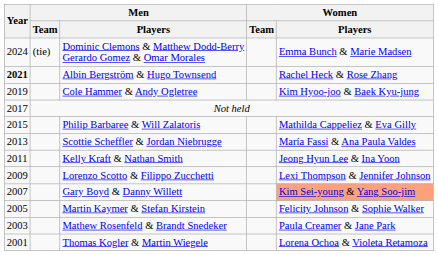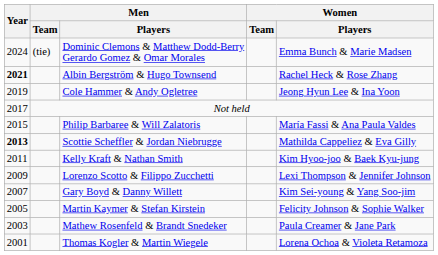 <table class="wikitable">
 <tr>
 <th rowspan=2>Year</th>
 <th colspan=2>Men</th>
 <th colspan=2>Women</th>
 </tr>
 <tr>
 <th>Team</th>
 <th>Players</th>
 <th>Team</th>
 <th>Players</th>
 </tr>
 <tr>
 <td>2024</td>
 <td> (tie)<br></td>
 <td><a href='#'>Dominic Clemons</a> & <a href='#'>Matthew Dodd-Berry</a><br><a href='#'>Gerardo Gomez</a> & <a href='#'>Omar Morales</a></td>
 <td></td>
 <td><a href='#'>Emma Bunch</a> & <a href='#'>Marie Madsen</a></td>
 </tr>
 <tr>
 <td><strong>2021</strong></td>
 <td></td>
 <td><a href='#'>Albin Bergström</a> & <a href='#'>Hugo Townsend</a></td>
 <td></td>
 <td><a href='#'>Rachel Heck</a> & <a href='#'>Rose Zhang</a></td>
 </tr>
 <tr>
 <td>2019</td>
 <td></td>
 <td><a href='#'>Cole Hammer</a> & <a href='#'>Andy Ogletree</a></td>
 <td></td>
-<td><a href='#'>Kim Hyoo-joo</a> & <a href='#'>Baek Kyu-jung</a></td>
+<td><a href='#'>Jeong Hyun Lee</a> & <a href='#'>Ina Yoon</a></td>
 </tr>
 <tr>
 <td>2017</td>
 <td colspan=42 align=center><em>Not held</em></td>
 </tr>
 <tr>
 <td>2015</td>
 <td></td>
 <td><a href='#'>Philip Barbaree</a> & <a href='#'>Will Zalatoris</a></td>
 <td></td>
-<td><a href='#'>Mathilda Cappeliez</a> & <a href='#'>Eva Gilly</a></td>
+<td><a href='#'>María Fassi</a> & <a href='#'>Ana Paula Valdes</a></td>
 </tr>
 <tr>
-<td>2013</td>
+<td><strong>2013</strong></td>
 <td></td>
 <td><a href='#'>Scottie Scheffler</a> & <a href='#'>Jordan Niebrugge</a></td>
 <td></td>
-<td><a href='#'>María Fassi</a> & <a href='#'>Ana Paula Valdes</a></td>
+<td><a href='#'>Mathilda Cappeliez</a> & <a href='#'>Eva Gilly</a></td>
 </tr>
 <tr>
 <td>2011</td>
 <td></td>
 <td><a href='#'>Kelly Kraft</a> & <a href='#'>Nathan Smith</a></td>
 <td></td>
-<td><a href='#'>Jeong Hyun Lee</a> & <a href='#'>Ina Yoon</a></td>
+<td><a href='#'>Kim Hyoo-joo</a> & <a href='#'>Baek Kyu-jung</a></td>
 </tr>
 <tr>
 <td>2009</td>
 <td></td>
 <td><a href='#'>Lorenzo Scotto</a> & <a href='#'>Filippo Zucchetti</a></td>
 <td></td>
 <td><a href='#'>Lexi Thompson</a> & <a href='#'>Jennifer Johnson</a></td>
 </tr>
 <tr>
 <td>2007</td>
 <td></td>
 <td><a href='#'>Gary Boyd</a> & <a href='#'>Danny Willett</a></td>
 <td></td>
-<td style="background: lightsalmon;"><a href='#'>Kim Sei-young</a> & <a href='#'>Yang Soo-jim</a></td>
+<td><a href='#'>Kim Sei-young</a> & <a href='#'>Yang Soo-jim</a></td>
 </tr>
 <tr>
 <td>2005</td>
 <td></td>
 <td><a href='#'>Martin Kaymer</a> & <a href='#'>Stefan Kirstein</a></td>
 <td></td>
 <td><a href='#'>Felicity Johnson</a> & <a href='#'>Sophie Walker</a></td>
 </tr>
 <tr>
 <td>2003</td>
 <td></td>
 <td><a href='#'>Mathew Rosenfeld</a> & <a href='#'>Brandt Snedeker</a></td>
 <td></td>
 <td><a href='#'>Paula Creamer</a> & <a href='#'>Jane Park</a></td>
 </tr>
 <tr>
 <td>2001</td>
 <td></td>
 <td><a href='#'>Thomas Kogler</a> & <a href='#'>Martin Wiegele</a></td>
 <td></td>
 <td><a href='#'>Lorena Ochoa</a> & <a href='#'>Violeta Retamoza</a></td>
 </tr>
 </table>
